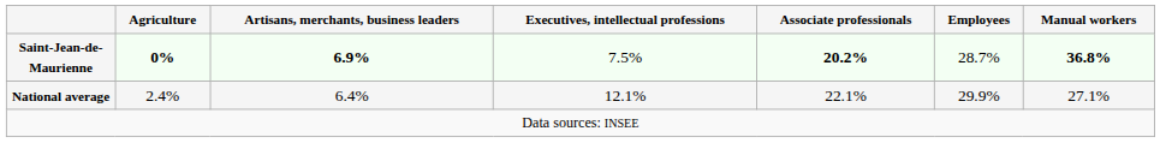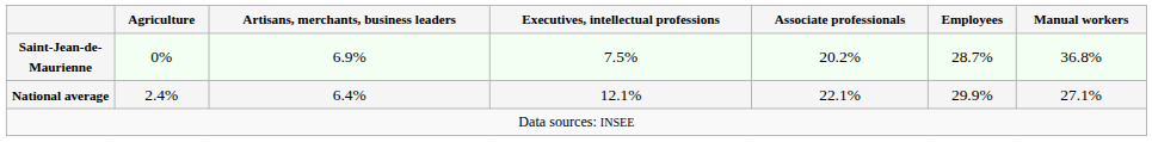 <table class="wikitable" style="width:90%;border:0px;text-align:center;line-height:120%;margin:1em auto;">
 <tr>
 <th style="background: #F5F5F5; color: #000000" width="100"> </th>
 <th style="background: #F5F5F5; color:#000000;"><small>Agriculture</small></th>
 <th style="background: #F5F5F5; color:#000000;"><small>Artisans, merchants, business leaders</small></th>
 <th style="background: #F5F5F5; color:#000000;"><small>Executives, intellectual professions</small></th>
 <th style="background: #F5F5F5; color:#000000;"><small>Associate professionals</small></th>
 <th style="background: #F5F5F5; color:#000000;"><small>Employees</small></th>
 <th style="background: #F5F5F5; color:#000000;"><small>Manual workers</small></th>
 </tr>
 <tr>
 <th style="background: #F5F5F5; color:#000000;"><small>Saint-Jean-de-Maurienne</small></th>
-<td style="background: #F3FFF3; color:#000000;"><strong>0%</strong></td>
-<td style="background: #F3FFF3; color:#000000;"><strong>6.9%</strong></td>
+<td style="background: #F3FFF3; color:#000000;">0%</td>
+<td style="background: #F3FFF3; color:#000000;">6.9%</td>
 <td style="background: #F3FFF3; color:#000000;">7.5%</td>
-<td style="background: #F3FFF3; color:#000000;"><strong>20.2%</strong></td>
+<td style="background: #F3FFF3; color:#000000;">20.2%</td>
 <td style="background: #F3FFF3; color:#000000;">28.7%</td>
-<td style="background: #F3FFF3; color:#000000;"><strong>36.8%</strong></td>
+<td style="background: #F3FFF3; color:#000000;">36.8%</td>
 </tr>
 <tr>
 <th style="background: #F5F5F5; color:#000000;" height="16"><small>National average</small></th>
 <td style="background: #F5F5F5; color: black;">2.4%</td>
 <td style="background: #F5F5F5; color: black;">6.4%</td>
 <td style="background: #F5F5F5; color: black;">12.1%</td>
 <td style="background: #F5F5F5; color: black;">22.1%</td>
 <td style="background: #F5F5F5; color: black;">29.9%</td>
 <td style="background: #F5F5F5; color: black;">27.1%</td>
 </tr>
 <tr>
 <td colspan="7" style="text-align:center;font-size:90%;">Data sources: <small>INSEE</small></td>
 </tr>
 </table>
